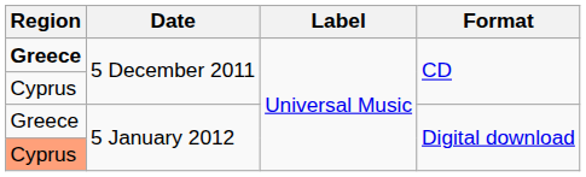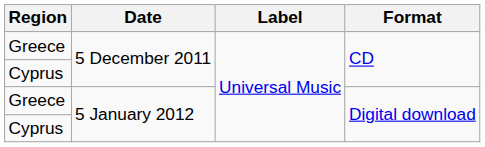 <table class="sortable wikitable">
 <tr>
 <th>Region</th>
 <th>Date</th>
 <th>Label</th>
 <th>Format</th>
 </tr>
 <tr>
-<td><strong>Greece</strong></td>
+<td>Greece</td>
 <td rowspan="2">5 December 2011</td>
 <td rowspan="4"><a href='#'>Universal Music</a></td>
 <td rowspan="2"><a href='#'>CD</a></td>
 </tr>
 <tr>
 <td>Cyprus</td>
 </tr>
 <tr>
 <td>Greece</td>
 <td rowspan="2">5 January 2012</td>
 <td rowspan="2"><a href='#'>Digital download</a></td>
 </tr>
 <tr>
-<td style="background: lightsalmon;">Cyprus</td>
+<td>Cyprus</td>
 </tr>
 </table>
